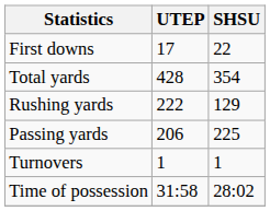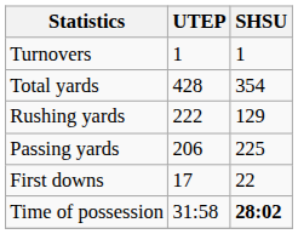 <table class="wikitable" style="float: left;">
 <tr>
 <th>Statistics</th>
 <th>UTEP</th>
 <th>SHSU</th>
 </tr>
 <tr>
-<td>First downs</td>
-<td>17</td>
-<td>22</td>
+<td>Turnovers</td>
+<td>1</td>
+<td>1</td>
 </tr>
 <tr>
 <td>Total yards</td>
 <td>428</td>
 <td>354</td>
 </tr>
 <tr>
 <td>Rushing yards</td>
 <td>222</td>
 <td>129</td>
 </tr>
 <tr>
 <td>Passing yards</td>
 <td>206</td>
 <td>225</td>
 </tr>
 <tr>
-<td>Turnovers</td>
-<td>1</td>
-<td>1</td>
+<td>First downs</td>
+<td>17</td>
+<td>22</td>
 </tr>
 <tr>
 <td>Time of possession</td>
 <td>31:58</td>
-<td>28:02</td>
+<td><strong>28:02</strong></td>
 </tr>
 <tr>
 </tr>
 </table>
